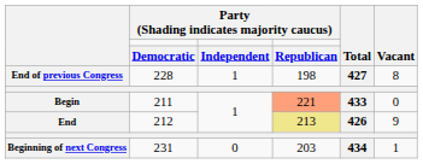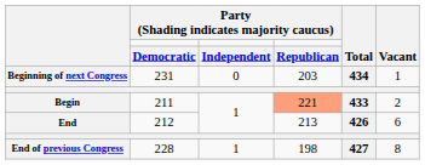 <table class=wikitable style="text-align:center">
 <tr style="vertical-align:bottom;">
 <th rowspan=3></th>
 <th colspan=3>Party <div>(Shading indicates majority caucus)</div></th>
 <th rowspan=3>Total</th>
 <th rowspan=3>Vacant</th>
 </tr>
 <tr style="height:5px">
 <td style="background-color:"></td>
 <td style="background-color:"></td>
 <td style="background-color:"></td>
 </tr>
 <tr>
 <th><a href='#'>Democratic</a></th>
 <th><a href='#'>Independent</a></th>
 <th><a href='#'>Republican</a></th>
 </tr>
 <tr>
-<th nowrap style="font-size:80%">End of <a href='#'>previous Congress</a></th>
-<td>228</td>
+<th nowrap style="font-size:80%">Beginning of <a href='#'>next Congress</a></th>
+<td>231</td>
+<td>0</td>
+<td>203</td>
+<th>434</th>
 <td>1</td>
-<td>198</td>
-<th>427</th>
-<td>8</td>
 </tr>
 <tr>
 <th colspan=6></th>
 </tr>
 <tr>
 <th nowrap style="font-size:80%">Begin</th>
 <td>211</td>
 <td ! rowspan=2>1</td>
 <td style="background: lightsalmon;">221</td>
 <th>433</th>
-<td>0</td>
+<td>2</td>
 </tr>
 <tr>
 <th nowrap style="font-size:80%">End</th>
 <td>212</td>
-<td style="background: khaki;">213</td>
+<td>213</td>
 <th>426</th>
-<td>9</td>
+<td>6</td>
 </tr>
 <tr>
 <th colspan=6></th>
 </tr>
 <tr>
-<th nowrap style="font-size:80%">Beginning of <a href='#'>next Congress</a></th>
-<td>231</td>
-<td>0</td>
-<td>203</td>
-<th>434</th>
+<th nowrap style="font-size:80%">End of <a href='#'>previous Congress</a></th>
+<td>228</td>
 <td>1</td>
+<td>198</td>
+<th>427</th>
+<td>8</td>
 </tr>
 </table>
